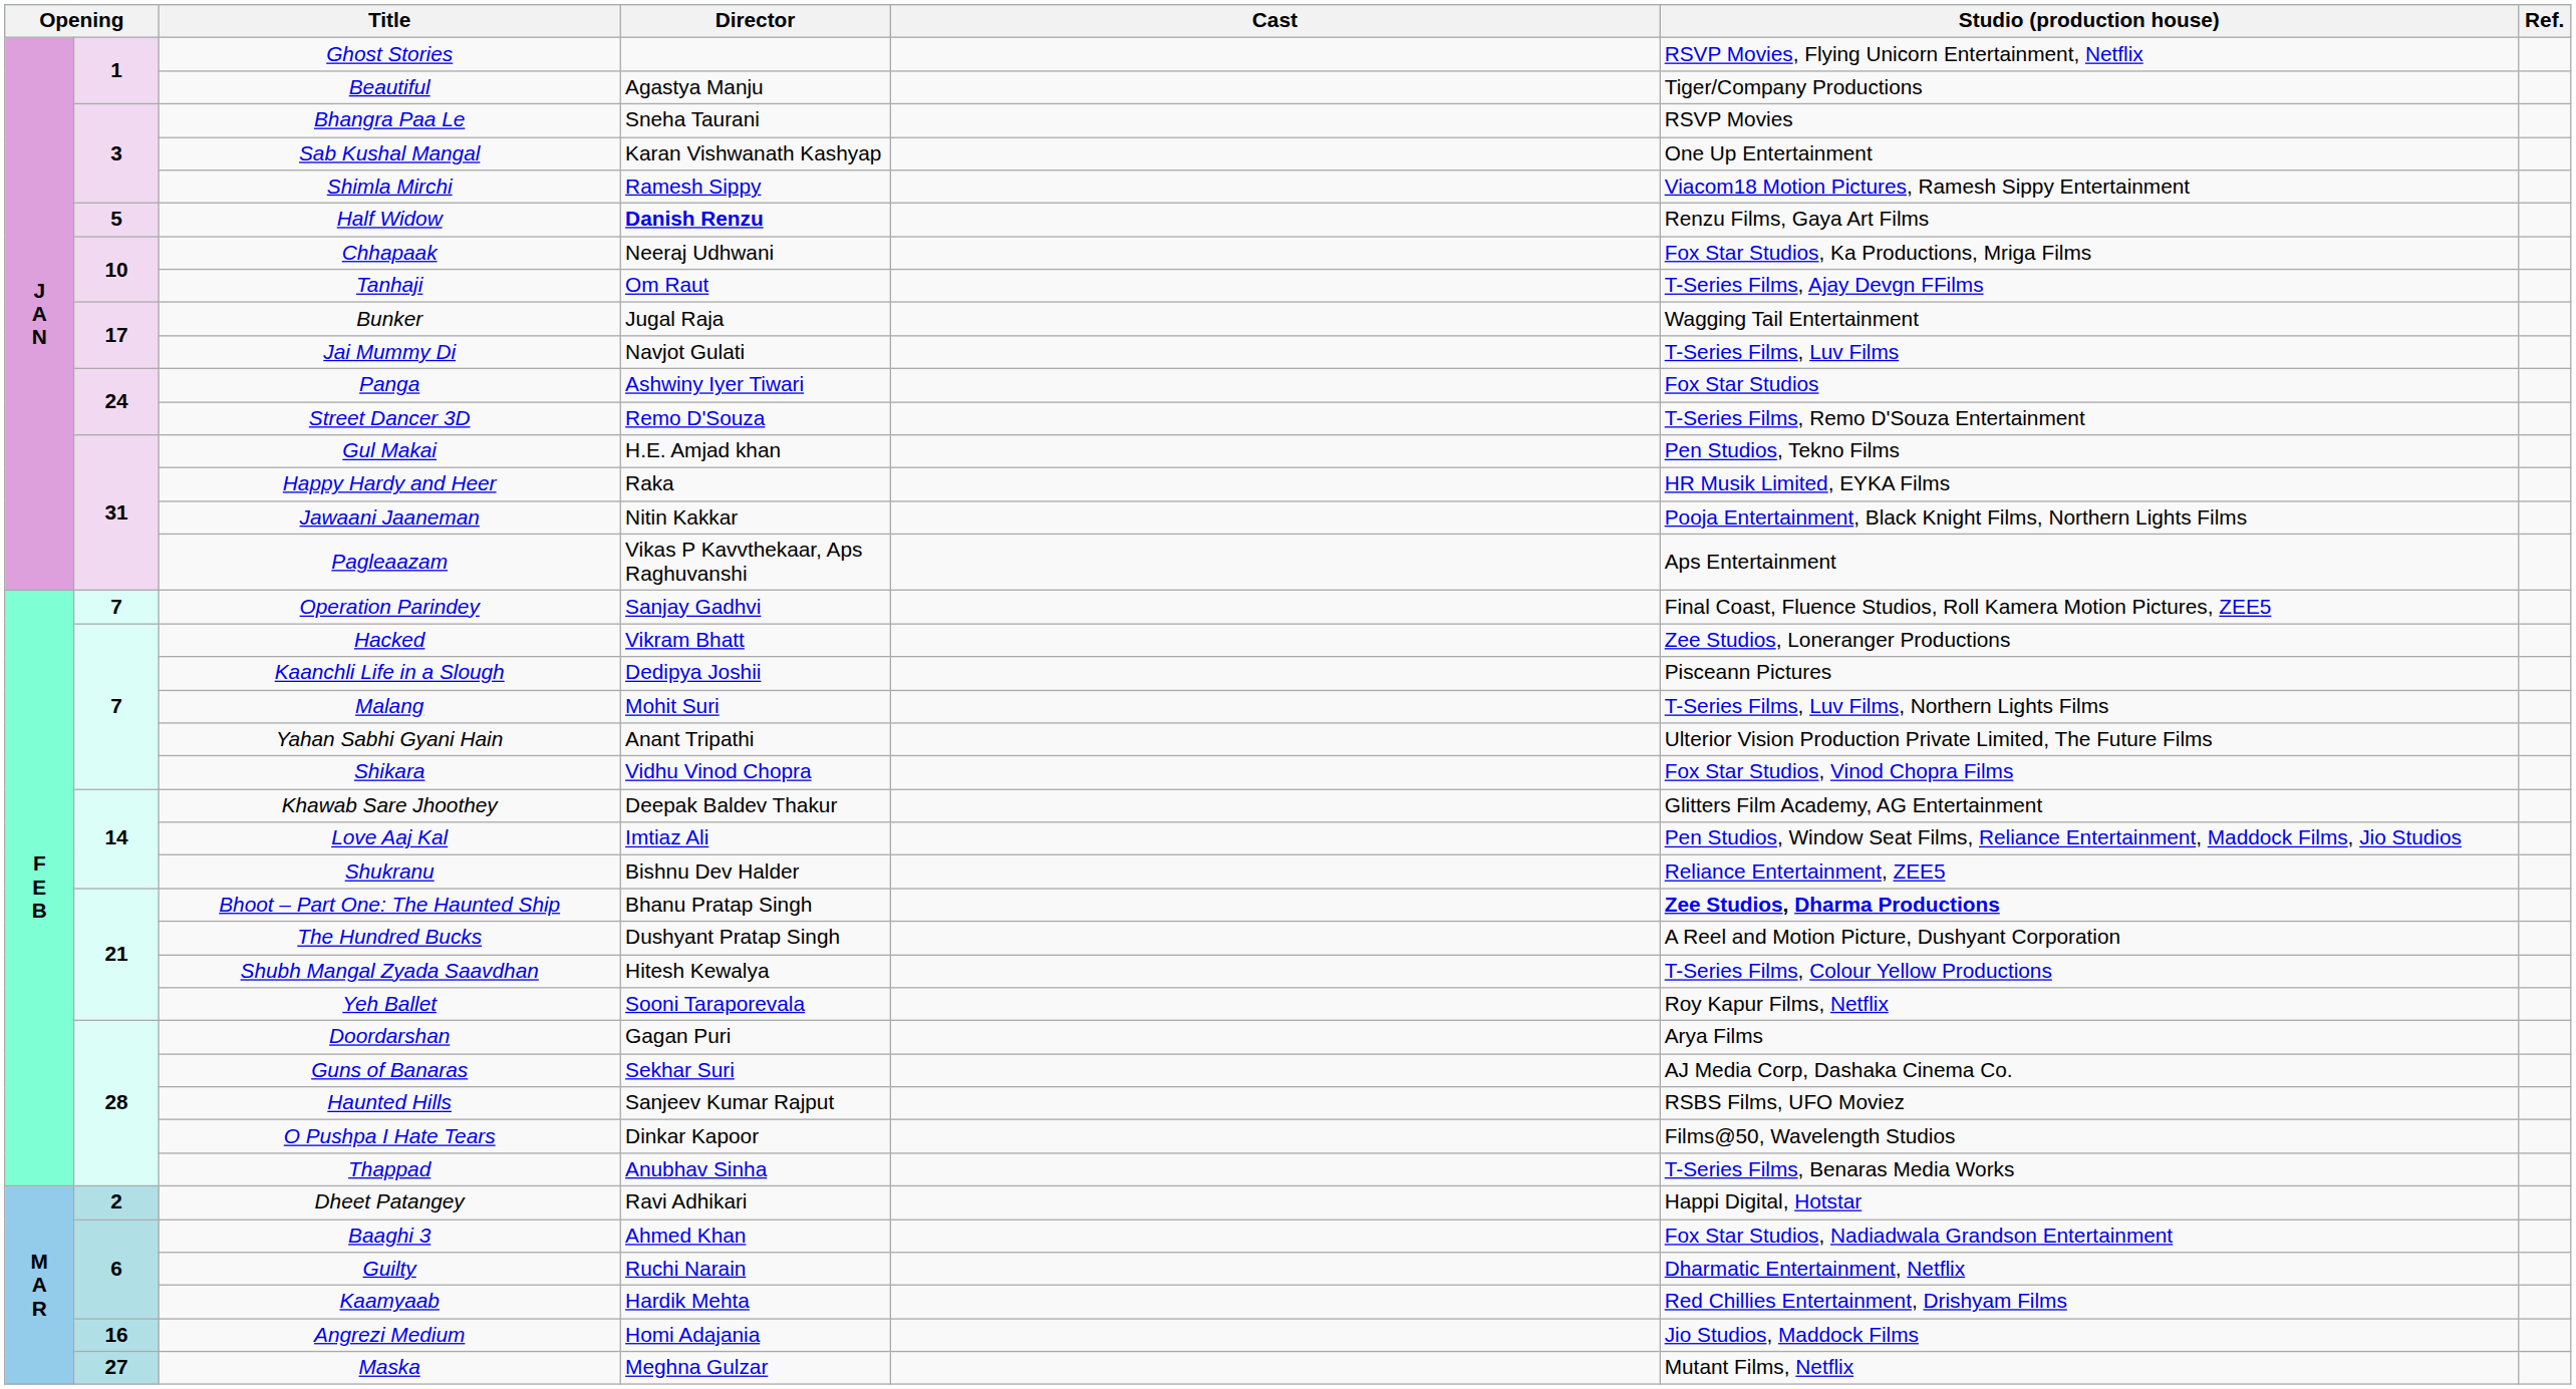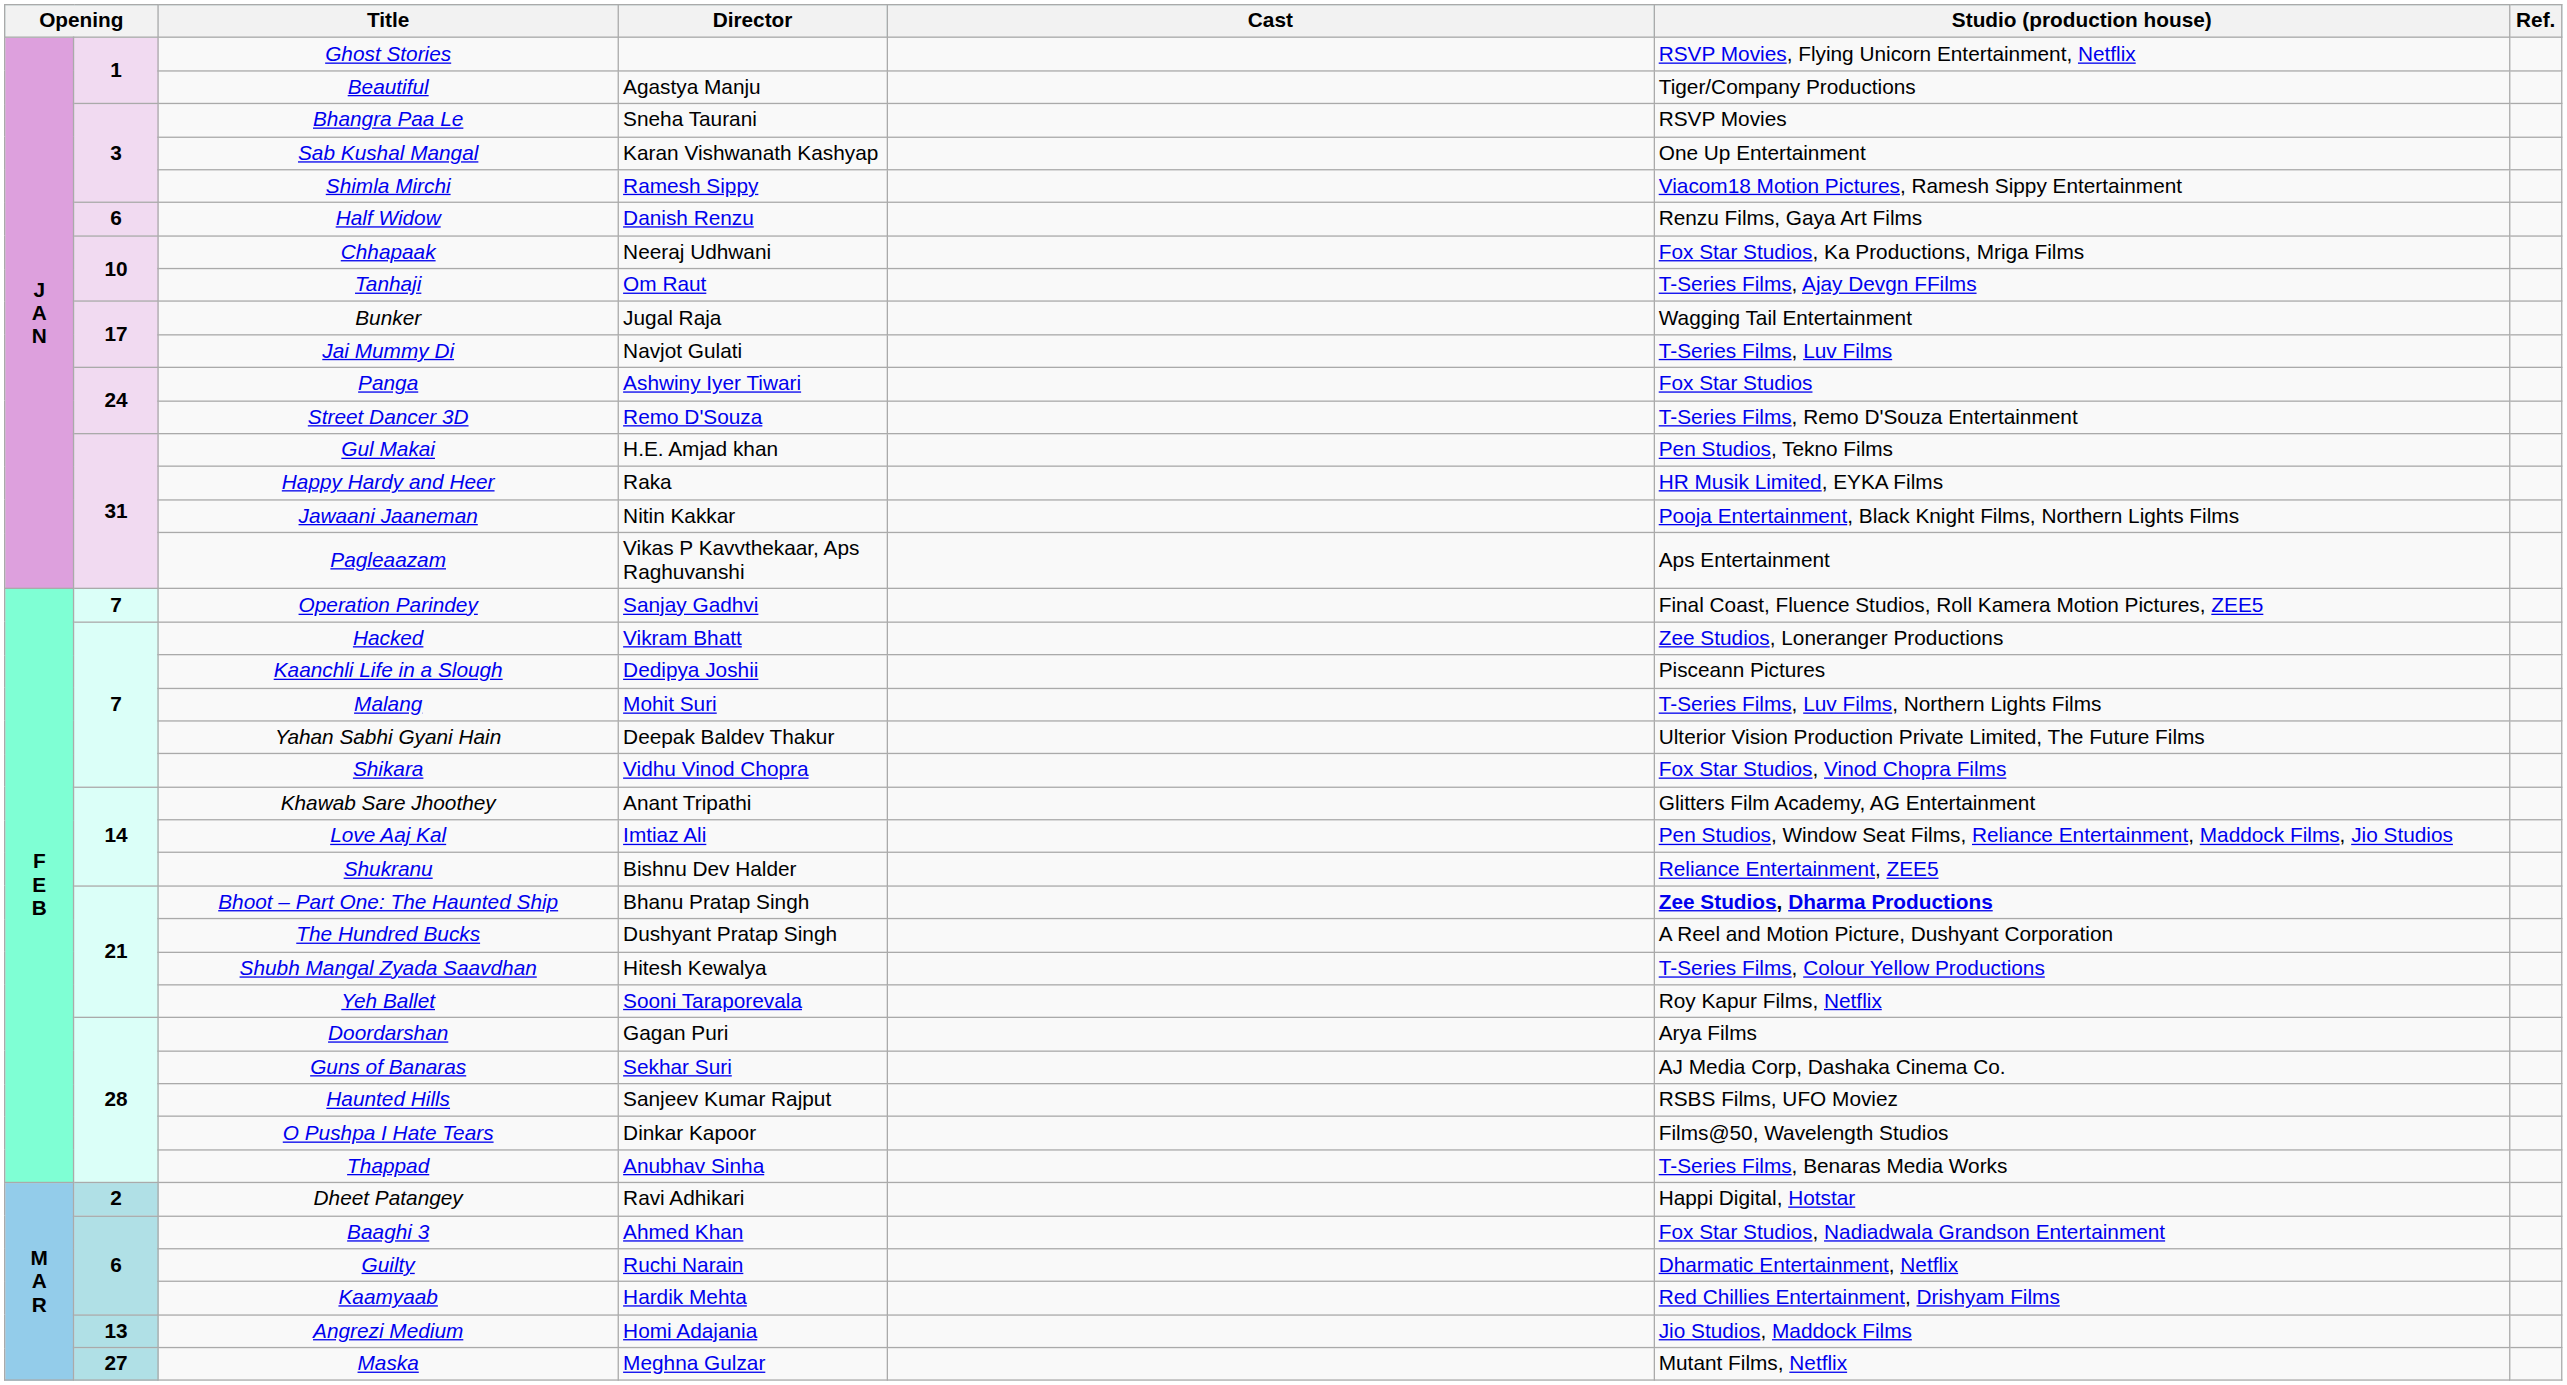 <table class="wikitable">
 <tr style="background:#b0e0e6; text-align:center;">
 <th colspan="2" style="width:6%;"><strong>Opening</strong></th>
 <th style="width:18%;"><strong>Title</strong></th>
 <th style="width:10.5%;"><strong>Director</strong></th>
 <th style="width:30%;"><strong>Cast</strong></th>
 <th>Studio (production house)</th>
 <th>Ref.</th>
 </tr>
 <tr>
 <td rowspan="16" style="text-align:center; background:plum; textcolor:#000;"><strong>J<br>A<br>N</strong></td>
 <td rowspan="2" style="text-align:center; background:#f1daf1;"><strong>1</strong></td>
 <td style="text-align:center;"><em><a href='#'>Ghost Stories</a></em></td>
 <td></td>
 <td></td>
 <td><a href='#'>RSVP Movies</a>, Flying Unicorn Entertainment, <a href='#'>Netflix</a></td>
 <td></td>
 </tr>
 <tr>
 <td style="text-align:center;"><em><a href='#'>Beautiful</a></em></td>
 <td>Agastya Manju</td>
 <td></td>
 <td>Tiger/Company Productions</td>
 <td></td>
 </tr>
 <tr>
 <td rowspan="3" style="text-align:center;background:#f1daf1;"><strong>3</strong></td>
 <td style="text-align:center;"><em><a href='#'>Bhangra Paa Le</a></em></td>
 <td>Sneha Taurani</td>
 <td></td>
 <td>RSVP Movies</td>
 <td></td>
 </tr>
 <tr>
 <td style="text-align:center;"><em><a href='#'>Sab Kushal Mangal</a></em></td>
 <td>Karan Vishwanath Kashyap</td>
 <td></td>
 <td>One Up Entertainment</td>
 <td></td>
 </tr>
 <tr>
 <td style="text-align:center;"><em><a href='#'>Shimla Mirchi</a></em></td>
 <td><a href='#'>Ramesh Sippy</a></td>
 <td></td>
 <td><a href='#'>Viacom18 Motion Pictures</a>, Ramesh Sippy Entertainment</td>
 <td></td>
 </tr>
 <tr>
-<td style="text-align:center; background:#f1daf1;"><strong>5</strong></td>
+<td style="text-align:center; background:#f1daf1;"><strong>6</strong></td>
 <td style="text-align:center;"><em><a href='#'>Half Widow</a></em></td>
-<td><strong><a href='#'>Danish Renzu</a></strong></td>
+<td><a href='#'>Danish Renzu</a></td>
 <td></td>
 <td>Renzu Films, Gaya Art Films</td>
 <td></td>
 </tr>
 <tr>
 <td rowspan="2" style="text-align:center;background:#f1daf1;"><strong>10</strong></td>
 <td style="text-align:center;"><em><a href='#'>Chhapaak</a></em></td>
 <td>Neeraj Udhwani</td>
 <td></td>
 <td><a href='#'>Fox Star Studios</a>, Ka Productions, Mriga Films</td>
 <td></td>
 </tr>
 <tr>
 <td style="text-align:center;"><em><a href='#'>Tanhaji</a></em></td>
 <td><a href='#'>Om Raut</a></td>
 <td></td>
 <td><a href='#'>T-Series Films</a>, <a href='#'>Ajay Devgn FFilms</a></td>
 <td></td>
 </tr>
 <tr>
 <td rowspan="2" style="text-align:center;background:#f1daf1;"><strong>17</strong></td>
 <td style="text-align:center;"><em>Bunker</em></td>
 <td>Jugal Raja</td>
 <td></td>
 <td>Wagging Tail Entertainment</td>
 <td></td>
 </tr>
 <tr>
 <td style="text-align:center;"><em><a href='#'>Jai Mummy Di</a></em></td>
 <td>Navjot Gulati</td>
 <td></td>
 <td><a href='#'>T-Series Films</a>, <a href='#'>Luv Films</a></td>
 <td></td>
 </tr>
 <tr>
 <td rowspan="2" style="text-align:center;background:#f1daf1;"><strong>24</strong></td>
 <td style="text-align:center;"><em><a href='#'>Panga</a></em></td>
 <td><a href='#'>Ashwiny Iyer Tiwari</a></td>
 <td></td>
 <td><a href='#'>Fox Star Studios</a></td>
 <td></td>
 </tr>
 <tr>
 <td style="text-align:center;"><em><a href='#'>Street Dancer 3D</a></em></td>
 <td><a href='#'>Remo D'Souza</a></td>
 <td></td>
 <td><a href='#'>T-Series Films</a>, Remo D'Souza Entertainment</td>
 <td></td>
 </tr>
 <tr>
 <td rowspan="4" style="text-align:center;background:#f1daf1;"><strong>31</strong></td>
 <td style="text-align:center;"><em><a href='#'>Gul Makai</a></em></td>
 <td>H.E. Amjad khan</td>
 <td></td>
 <td><a href='#'>Pen Studios</a>, Tekno Films</td>
 <td></td>
 </tr>
 <tr>
 <td style="text-align:center;"><em><a href='#'>Happy Hardy and Heer</a></em></td>
 <td>Raka</td>
 <td></td>
 <td><a href='#'>HR Musik Limited</a>, EYKA Films</td>
 <td></td>
 </tr>
 <tr>
 <td style="text-align:center;"><em><a href='#'>Jawaani Jaaneman</a></em></td>
 <td>Nitin Kakkar</td>
 <td></td>
 <td><a href='#'>Pooja Entertainment</a>, Black Knight Films, Northern Lights Films</td>
 <td></td>
 </tr>
 <tr>
 <td style="text-align:center;"><em><a href='#'>Pagleaazam</a></em></td>
 <td>Vikas P Kavvthekaar, Aps Raghuvanshi</td>
 <td></td>
 <td>Aps Entertainment</td>
 <td></td>
 </tr>
 <tr>
 <td rowspan="18" style="text-align:center; background:#7FFFD4; textcolor:#000;"><strong>F<br>E<br>B</strong></td>
 <td style="text-align:center; background:#dbfff8;"><strong>7</strong></td>
 <td style="text-align:center;"><em><a href='#'>Operation Parindey</a></em></td>
 <td><a href='#'>Sanjay Gadhvi</a></td>
 <td></td>
 <td>Final Coast, Fluence Studios, Roll Kamera Motion Pictures, <a href='#'>ZEE5</a></td>
 <td></td>
 </tr>
 <tr>
 <td rowspan="5" style="text-align:center;background:#dbfff8;"><strong>7</strong></td>
 <td style="text-align:center;"><em><a href='#'>Hacked</a></em></td>
 <td><a href='#'>Vikram Bhatt</a></td>
 <td></td>
 <td><a href='#'>Zee Studios</a>, Loneranger Productions</td>
 <td></td>
 </tr>
 <tr>
 <td style="text-align:center;"><em><a href='#'>Kaanchli Life in a Slough</a></em></td>
 <td><a href='#'>Dedipya Joshii</a></td>
 <td></td>
 <td>Pisceann Pictures</td>
 <td></td>
 </tr>
 <tr>
 <td style="text-align:center;"><em><a href='#'>Malang</a></em></td>
 <td><a href='#'>Mohit Suri</a></td>
 <td></td>
 <td><a href='#'>T-Series Films</a>, <a href='#'>Luv Films</a>, Northern Lights Films</td>
 <td></td>
 </tr>
 <tr>
 <td style="text-align:center;"><em>Yahan Sabhi Gyani Hain</em></td>
-<td>Anant Tripathi</td>
+<td>Deepak Baldev Thakur</td>
 <td></td>
 <td>Ulterior Vision Production Private Limited, The Future Films</td>
 <td></td>
 </tr>
 <tr>
 <td style="text-align:center;"><em><a href='#'>Shikara</a></em></td>
 <td><a href='#'>Vidhu Vinod Chopra</a></td>
 <td></td>
 <td><a href='#'>Fox Star Studios</a>, <a href='#'>Vinod Chopra Films</a></td>
 <td></td>
 </tr>
 <tr>
 <td rowspan="3" style="text-align:center;background:#dbfff8;"><strong>14</strong></td>
 <td style="text-align:center;"><em>Khawab Sare Jhoothey</em></td>
-<td>Deepak Baldev Thakur</td>
+<td>Anant Tripathi</td>
 <td></td>
 <td>Glitters Film Academy, AG Entertainment</td>
 <td></td>
 </tr>
 <tr>
 <td style="text-align:center;"><em><a href='#'>Love Aaj Kal</a></em></td>
 <td><a href='#'>Imtiaz Ali</a></td>
 <td></td>
 <td><a href='#'>Pen Studios</a>, Window Seat Films, <a href='#'>Reliance Entertainment</a>, <a href='#'>Maddock Films</a>, <a href='#'>Jio Studios</a></td>
 <td></td>
 </tr>
 <tr>
 <td style="text-align:center;"><em><a href='#'>Shukranu</a></em></td>
 <td>Bishnu Dev Halder</td>
 <td></td>
 <td><a href='#'>Reliance Entertainment</a>, <a href='#'>ZEE5</a></td>
 <td></td>
 </tr>
 <tr>
 <td rowspan="4" style="text-align:center;background:#dbfff8;"><strong>21</strong></td>
 <td style="text-align:center;"><em><a href='#'>Bhoot – Part One: The Haunted Ship</a></em></td>
 <td>Bhanu Pratap Singh</td>
 <td></td>
 <td><strong><a href='#'>Zee Studios</a>, <a href='#'>Dharma Productions</a></strong></td>
 <td></td>
 </tr>
 <tr>
 <td style="text-align:center;"><em><a href='#'>The Hundred Bucks</a></em></td>
 <td>Dushyant Pratap Singh</td>
 <td></td>
 <td>A Reel and Motion Picture, Dushyant Corporation</td>
 <td></td>
 </tr>
 <tr>
 <td style="text-align:center;"><em><a href='#'>Shubh Mangal Zyada Saavdhan</a></em></td>
 <td>Hitesh Kewalya</td>
 <td></td>
 <td><a href='#'>T-Series Films</a>, <a href='#'>Colour Yellow Productions</a></td>
 <td></td>
 </tr>
 <tr>
 <td style="text-align:center;"><em><a href='#'>Yeh Ballet</a></em></td>
 <td><a href='#'>Sooni Taraporevala</a></td>
 <td></td>
 <td>Roy Kapur Films, <a href='#'>Netflix</a></td>
 <td></td>
 </tr>
 <tr>
 <td rowspan="5" style="text-align:center;background:#dbfff8;"><strong>28</strong></td>
 <td style="text-align:center;"><em><a href='#'>Doordarshan</a></em></td>
 <td>Gagan Puri</td>
 <td></td>
 <td>Arya Films</td>
 <td></td>
 </tr>
 <tr>
 <td style="text-align:center;"><em><a href='#'>Guns of Banaras</a></em></td>
 <td><a href='#'>Sekhar Suri</a></td>
 <td></td>
 <td>AJ Media Corp, Dashaka Cinema Co.</td>
 <td></td>
 </tr>
 <tr>
 <td style="text-align:center;"><em><a href='#'>Haunted Hills</a></em></td>
 <td>Sanjeev Kumar Rajput</td>
 <td></td>
 <td>RSBS Films, UFO Moviez</td>
 <td></td>
 </tr>
 <tr>
 <td style="text-align:center;"><em><a href='#'>O Pushpa I Hate Tears</a></em></td>
 <td>Dinkar Kapoor</td>
 <td></td>
 <td>Films@50, Wavelength Studios</td>
 <td></td>
 </tr>
 <tr>
 <td style="text-align:center;"><em><a href='#'>Thappad</a></em></td>
 <td><a href='#'>Anubhav Sinha</a></td>
 <td></td>
 <td><a href='#'>T-Series Films</a>, Benaras Media Works</td>
 <td></td>
 </tr>
 <tr>
 <td rowspan="6" style="text-align:center; background:#93CCEA; textcolor:#000;"><strong>M<br>A<br>R</strong></td>
 <td style="text-align:center; background:#b0e0e6;"><strong>2</strong></td>
 <td style="text-align:center;"><em>Dheet Patangey</em></td>
 <td>Ravi Adhikari</td>
 <td></td>
 <td>Happi Digital, <a href='#'>Hotstar</a></td>
 <td></td>
 </tr>
 <tr>
 <td rowspan="3" style="text-align:center;background:#B0E0E6;"><strong>6</strong></td>
 <td style="text-align:center;"><em><a href='#'>Baaghi 3</a></em></td>
 <td><a href='#'>Ahmed Khan</a></td>
 <td></td>
 <td><a href='#'>Fox Star Studios</a>, <a href='#'>Nadiadwala Grandson Entertainment</a></td>
 <td></td>
 </tr>
 <tr>
 <td style="text-align:center;"><em><a href='#'>Guilty</a></em></td>
 <td><a href='#'>Ruchi Narain</a></td>
 <td></td>
 <td><a href='#'>Dharmatic Entertainment</a>, <a href='#'>Netflix</a></td>
 <td></td>
 </tr>
 <tr>
 <td style="text-align:center;"><em><a href='#'>Kaamyaab</a></em></td>
 <td><a href='#'>Hardik Mehta</a></td>
 <td></td>
 <td><a href='#'>Red Chillies Entertainment</a>, <a href='#'>Drishyam Films</a></td>
 <td></td>
 </tr>
 <tr>
-<td style="text-align:center; background:#b0e0e6;"><strong>16</strong></td>
+<td style="text-align:center; background:#b0e0e6;"><strong>13</strong></td>
 <td style="text-align:center;"><em><a href='#'>Angrezi Medium</a></em></td>
 <td><a href='#'>Homi Adajania</a></td>
 <td></td>
 <td><a href='#'>Jio Studios</a>, <a href='#'>Maddock Films</a></td>
 <td></td>
 </tr>
 <tr>
 <td style="text-align:center; background:#b0e0e6;"><strong>27</strong></td>
 <td style="text-align:center;"><em><a href='#'>Maska</a></em></td>
 <td><a href='#'>Meghna Gulzar</a></td>
 <td></td>
 <td>Mutant Films, <a href='#'>Netflix</a></td>
 <td></td>
 </tr>
 </table>
